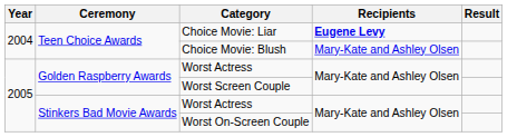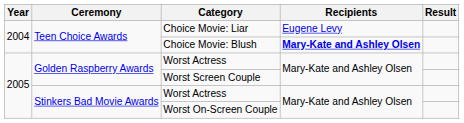 <table class="wikitable sortable">
 <tr>
 <th align="left">Year</th>
 <th align="left">Ceremony</th>
 <th align="left">Category</th>
 <th align="left">Recipients</th>
 <th align="left">Result</th>
 </tr>
 <tr>
 <td rowspan="2">2004</td>
 <td rowspan="2"><a href='#'>Teen Choice Awards</a></td>
 <td>Choice Movie: Liar</td>
-<td><strong><a href='#'>Eugene Levy</a></strong></td>
+<td><a href='#'>Eugene Levy</a></td>
 <td></td>
 </tr>
 <tr>
 <td>Choice Movie: Blush</td>
-<td><a href='#'>Mary-Kate and Ashley Olsen</a></td>
+<td><strong><a href='#'>Mary-Kate and Ashley Olsen</a></strong></td>
 <td></td>
 </tr>
 <tr>
 <td rowspan="4">2005</td>
 <td rowspan="2"><a href='#'>Golden Raspberry Awards</a></td>
 <td>Worst Actress</td>
 <td rowspan="2">Mary-Kate and Ashley Olsen</td>
 <td></td>
 </tr>
 <tr>
 <td>Worst Screen Couple</td>
 <td></td>
 </tr>
 <tr>
 <td rowspan="2"><a href='#'>Stinkers Bad Movie Awards</a></td>
 <td>Worst Actress</td>
 <td rowspan="2">Mary-Kate and Ashley Olsen</td>
 <td></td>
 </tr>
 <tr>
 <td>Worst On-Screen Couple</td>
 <td></td>
 </tr>
 </table>
